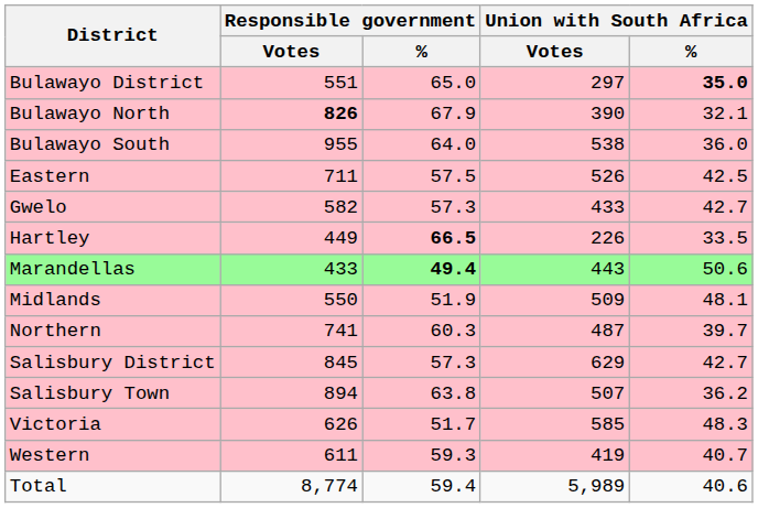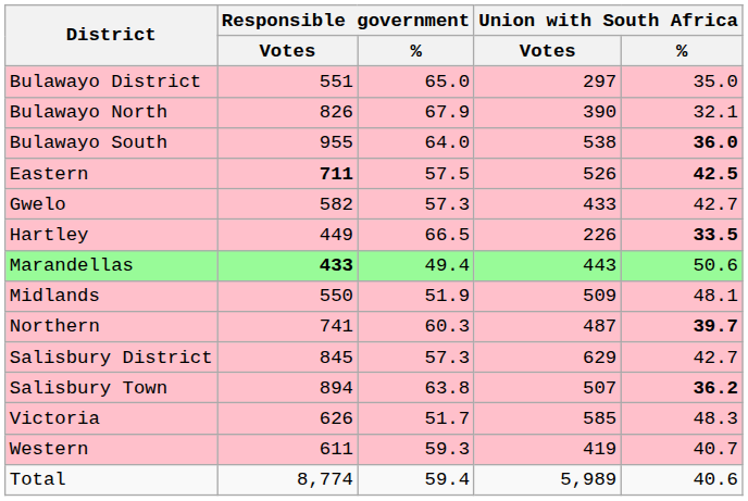 <table class=wikitable style=text-align:right>
 <tr>
 <th rowspan=2>District</th>
 <th colspan=2>Responsible government</th>
 <th colspan=2>Union with South Africa</th>
 </tr>
 <tr>
 <th>Votes</th>
 <th>%</th>
 <th>Votes</th>
 <th>%</th>
 </tr>
 <tr style="background:pink;">
 <td align=left>Bulawayo District</td>
 <td>551</td>
 <td>65.0</td>
 <td>297</td>
-<td><strong>35.0</strong></td>
+<td>35.0</td>
 </tr>
 <tr style="background:pink;">
 <td align=left>Bulawayo North</td>
-<td><strong>826</strong></td>
+<td>826</td>
 <td>67.9</td>
 <td>390</td>
 <td>32.1</td>
 </tr>
 <tr style="background:pink;">
 <td align=left>Bulawayo South</td>
 <td>955</td>
 <td>64.0</td>
 <td>538</td>
-<td>36.0</td>
+<td><strong>36.0</strong></td>
 </tr>
 <tr style="background:pink;">
 <td align=left>Eastern</td>
-<td>711</td>
+<td><strong>711</strong></td>
 <td>57.5</td>
 <td>526</td>
-<td>42.5</td>
+<td><strong>42.5</strong></td>
 </tr>
 <tr style="background:pink;">
 <td align=left>Gwelo</td>
 <td>582</td>
 <td>57.3</td>
 <td>433</td>
 <td>42.7</td>
 </tr>
 <tr style="background:pink;">
 <td align=left>Hartley</td>
 <td>449</td>
-<td><strong>66.5</strong></td>
+<td>66.5</td>
 <td>226</td>
-<td>33.5</td>
+<td><strong>33.5</strong></td>
 </tr>
 <tr style="background:palegreen;">
 <td align=left>Marandellas</td>
-<td>433</td>
-<td><strong>49.4</strong></td>
+<td><strong>433</strong></td>
+<td>49.4</td>
 <td>443</td>
 <td>50.6</td>
 </tr>
 <tr style="background:pink;">
 <td align=left>Midlands</td>
 <td>550</td>
 <td>51.9</td>
 <td>509</td>
 <td>48.1</td>
 </tr>
 <tr style="background:pink;">
 <td align=left>Northern</td>
 <td>741</td>
 <td>60.3</td>
 <td>487</td>
-<td>39.7</td>
+<td><strong>39.7</strong></td>
 </tr>
 <tr style="background:pink;">
 <td align=left>Salisbury District</td>
 <td>845</td>
 <td>57.3</td>
 <td>629</td>
 <td>42.7</td>
 </tr>
 <tr style="background:pink;">
 <td align=left>Salisbury Town</td>
 <td>894</td>
 <td>63.8</td>
 <td>507</td>
-<td>36.2</td>
+<td><strong>36.2</strong></td>
 </tr>
 <tr style="background:pink;">
 <td align=left>Victoria</td>
 <td>626</td>
 <td>51.7</td>
 <td>585</td>
 <td>48.3</td>
 </tr>
 <tr style="background:pink;">
 <td align=left>Western</td>
 <td>611</td>
 <td>59.3</td>
 <td>419</td>
 <td>40.7</td>
 </tr>
 <tr>
 <td align=left>Total</td>
 <td>8,774</td>
 <td>59.4</td>
 <td>5,989</td>
 <td>40.6</td>
 </tr>
 </table>
